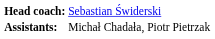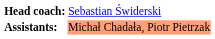 <table>
 <tr>
 <td><strong>Head coach:</strong></td>
 <td> <a href='#'>Sebastian Świderski</a></td>
 </tr>
 <tr>
 <td><strong>Assistants:</strong></td>
-<td> Michał Chadała,  Piotr Pietrzak</td>
+<td style="background: lightsalmon;"> Michał Chadała,  Piotr Pietrzak</td>
 </tr>
 <tr>
 </tr>
 </table>
